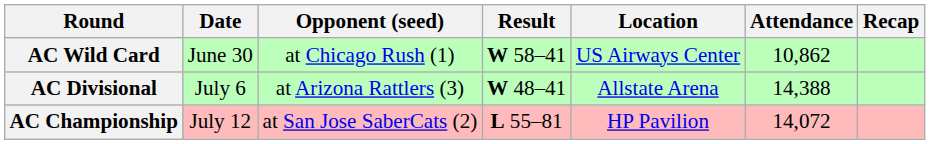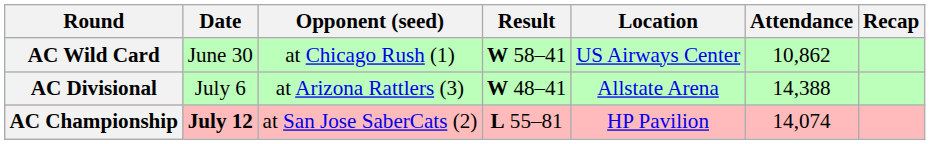 <table class="wikitable" style="text-align:center">
 <tr>
 <th>Round</th>
 <th>Date</th>
 <th>Opponent (seed)</th>
 <th>Result</th>
 <th>Location</th>
 <th>Attendance</th>
 <th>Recap</th>
 </tr>
 <tr bgcolor="bbffbb">
 <th>AC Wild Card</th>
 <td>June 30</td>
 <td>at <a href='#'>Chicago Rush</a> (1)</td>
 <td><strong>W</strong> 58–41</td>
 <td><a href='#'>US Airways Center</a></td>
 <td>10,862</td>
 <td></td>
 </tr>
 <tr bgcolor="bbffbb">
 <th>AC Divisional</th>
 <td>July 6</td>
 <td>at <a href='#'>Arizona Rattlers</a> (3)</td>
 <td><strong>W</strong> 48–41</td>
 <td><a href='#'>Allstate Arena</a></td>
 <td>14,388</td>
 <td></td>
 </tr>
 <tr bgcolor="ffbbbb">
 <th>AC Championship</th>
-<td>July 12</td>
+<td><strong>July 12</strong></td>
 <td>at <a href='#'>San Jose SaberCats</a> (2)</td>
 <td><strong>L</strong> 55–81</td>
 <td><a href='#'>HP Pavilion</a></td>
-<td>14,072</td>
+<td>14,074</td>
 <td></td>
 </tr>
 </table>
